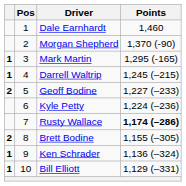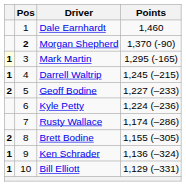 <table class="wikitable" style="font-size: 95%;">
 <tr>
 <th></th>
 <th>Pos</th>
 <th>Driver</th>
 <th>Points</th>
 </tr>
 <tr>
 <td align="left"></td>
 <td style="text-align:center;">1</td>
 <td><a href='#'>Dale Earnhardt</a></td>
 <td style="text-align:center;">1,460</td>
 </tr>
 <tr>
 <td align="left"></td>
-<td style="text-align:center;">2</td>
+<td style="text-align:center;"><strong>2</strong></td>
 <td><a href='#'>Morgan Shepherd</a></td>
 <td style="text-align:center;">1,370 (-90)</td>
 </tr>
 <tr>
-<td align="left">  <strong>1</strong></td>
+<td align="left" style="background: lightyellow;">  <strong>1</strong></td>
 <td style="text-align:center;">3</td>
 <td><a href='#'>Mark Martin</a></td>
 <td style="text-align:center;">1,295 (-165)</td>
 </tr>
 <tr>
 <td align="left">  <strong>1</strong></td>
 <td style="text-align:center;">4</td>
 <td><a href='#'>Darrell Waltrip</a></td>
 <td style="text-align:center;">1,245 (–215)</td>
 </tr>
 <tr>
 <td align="left">  <strong>2</strong></td>
 <td style="text-align:center;">5</td>
 <td><a href='#'>Geoff Bodine</a></td>
 <td style="text-align:center;">1,227 (–233)</td>
 </tr>
 <tr>
 <td align="left"></td>
 <td style="text-align:center;">6</td>
 <td><a href='#'>Kyle Petty</a></td>
 <td style="text-align:center;">1,224 (–236)</td>
 </tr>
 <tr>
 <td align="left"></td>
 <td style="text-align:center;">7</td>
 <td><a href='#'>Rusty Wallace</a></td>
-<td style="text-align:center;"><strong>1,174 (–286)</strong></td>
+<td style="text-align:center;">1,174 (–286)</td>
 </tr>
 <tr>
 <td align="left">  <strong>2</strong></td>
 <td style="text-align:center;">8</td>
 <td><a href='#'>Brett Bodine</a></td>
 <td style="text-align:center;">1,155 (–305)</td>
 </tr>
 <tr>
 <td align="left">  <strong>1</strong></td>
 <td style="text-align:center;">9</td>
 <td><a href='#'>Ken Schrader</a></td>
 <td style="text-align:center;">1,136 (–324)</td>
 </tr>
 <tr>
 <td align="left">  <strong>1</strong></td>
 <td style="text-align:center;">10</td>
 <td><a href='#'>Bill Elliott</a></td>
 <td style="text-align:center;">1,129 (–331)</td>
 </tr>
 <tr class="sortbottom">
 <th colspan="9"></th>
 </tr>
 </table>
